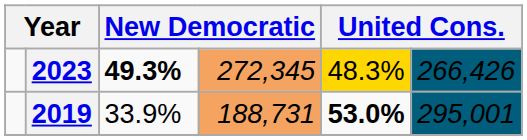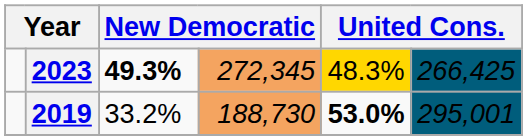 <table class="wikitable" style="float:right; width:400; font-size:90%; margin-left:1em;">
 <tr>
 <th colspan="2" scope="col">Year</th>
 <th colspan="2" scope="col"><a href='#'>New Democratic</a></th>
 <th colspan="2" scope="col"><a href='#'>United Cons.</a></th>
 </tr>
 <tr>
 <td style="width: 0.25em; background-color: "></td>
 <th><a href='#'>2023</a></th>
 <td><strong>49.3%</strong></td>
 <td style="text-align:right; background:#F4A460;"><em>272,345</em></td>
 <td style="background: gold;"><span>48.3%</span></td>
-<td style="text-align:right; background:#005D7C;"><span><em>266,426</em></span></td>
+<td style="text-align:right; background:#005D7C;"><span><em>266,425</em></span></td>
 </tr>
 <tr>
 <td style="width: 0.25em; background-color: "></td>
 <th><a href='#'>2019</a></th>
-<td>33.9%</td>
-<td style="text-align:right; background:#F4A460;"><em>188,731</em></td>
+<td>33.2%</td>
+<td style="text-align:right; background:#F4A460;"><em>188,730</em></td>
 <td><span><strong>53.0%</strong></span></td>
 <td style="text-align:right; background:#005D7C;"><span><em>295,001</em></span></td>
 </tr>
 <tr>
 </tr>
 </table>
